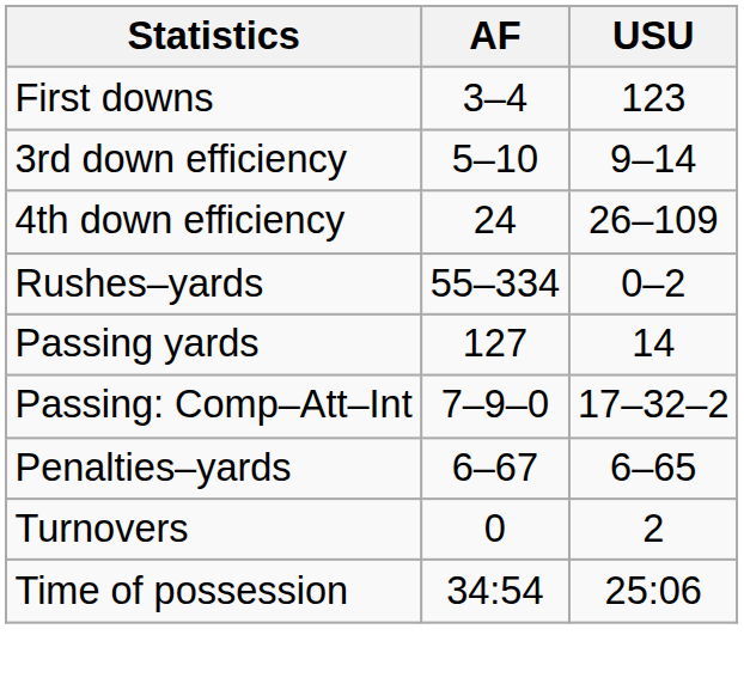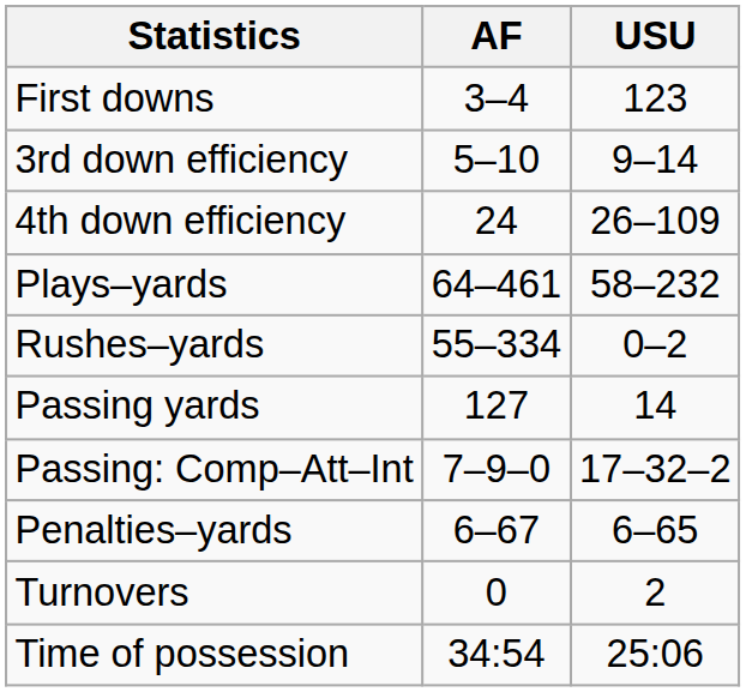 <table class="wikitable">
 <tr>
 <th>Statistics</th>
 <th>AF</th>
 <th>USU</th>
 </tr>
 <tr>
 <td>First downs</td>
 <td align=center>3–4</td>
 <td align=center>123</td>
 </tr>
 <tr>
 <td>3rd down efficiency</td>
 <td align=center>5–10</td>
 <td align=center>9–14</td>
 </tr>
 <tr>
 <td>4th down efficiency</td>
 <td align=center>24</td>
 <td align=center>26–109</td>
+</tr>
+<tr>
+<td>Plays–yards</td>
+<td align=center>64–461</td>
+<td align=center>58–232</td>
 </tr>
 <tr>
 <td>Rushes–yards</td>
 <td align=center>55–334</td>
 <td align=center>0–2</td>
 </tr>
 <tr>
 <td>Passing yards</td>
 <td align=center>127</td>
 <td align=center>14</td>
 </tr>
 <tr>
 <td>Passing: Comp–Att–Int</td>
 <td align=center>7–9–0</td>
 <td align=center>17–32–2</td>
 </tr>
 <tr>
 <td>Penalties–yards</td>
 <td align=center>6–67</td>
 <td align=center>6–65</td>
 </tr>
 <tr>
 <td>Turnovers</td>
 <td align=center>0</td>
 <td align=center>2</td>
 </tr>
 <tr>
 <td>Time of possession</td>
 <td align=center>34:54</td>
 <td align=center>25:06</td>
 </tr>
 </table>
